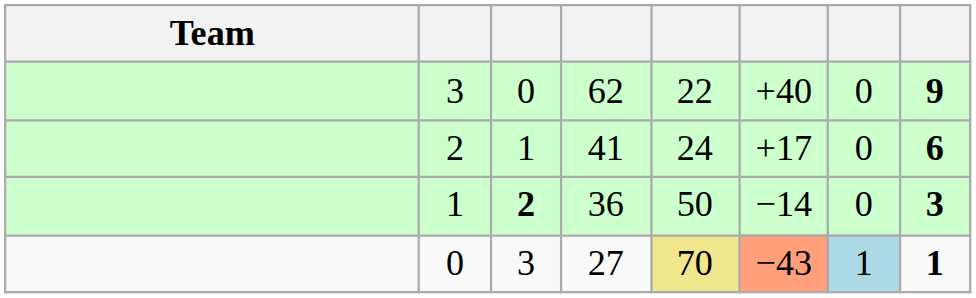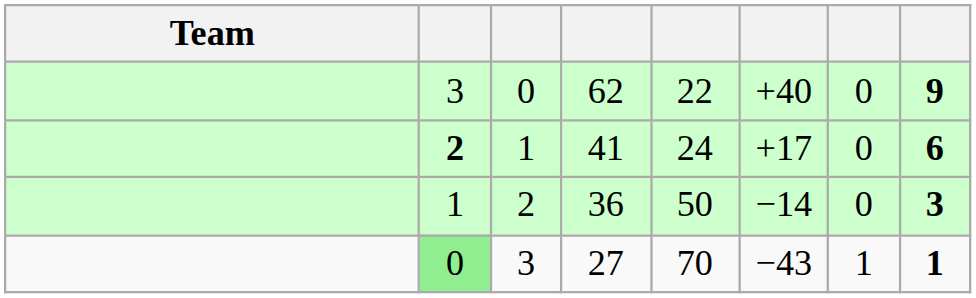 <table class="wikitable" style="text-align:center;">
 <tr>
 <th style="width:11.0em;">Team</th>
 <th style="width:1.5em;"></th>
 <th style="width:1.5em;"></th>
 <th style="width:2.0em;"></th>
 <th style="width:2.0em;"></th>
 <th style="width:2.0em;"></th>
 <th style="width:1.5em;"></th>
 <th style="width:1.5em;"></th>
 </tr>
 <tr bgcolor=#cfc>
 <td align="left"></td>
 <td>3</td>
 <td>0</td>
 <td>62</td>
 <td>22</td>
 <td>+40</td>
 <td>0</td>
 <td><strong>9</strong></td>
 </tr>
 <tr bgcolor=#cfc>
 <td align="left"></td>
-<td>2</td>
+<td><strong>2</strong></td>
 <td>1</td>
 <td>41</td>
 <td>24</td>
 <td>+17</td>
 <td>0</td>
 <td><strong>6</strong></td>
 </tr>
 <tr bgcolor=#cfc>
 <td align="left"></td>
 <td>1</td>
-<td><strong>2</strong></td>
+<td>2</td>
 <td>36</td>
 <td>50</td>
 <td>−14</td>
 <td>0</td>
 <td><strong>3</strong></td>
 </tr>
 <tr>
 <td align="left"></td>
-<td>0</td>
+<td style="background: lightgreen;">0</td>
 <td>3</td>
 <td>27</td>
-<td style="background: khaki;">70</td>
-<td style="background: lightsalmon;">−43</td>
-<td style="background: lightblue;">1</td>
+<td>70</td>
+<td>−43</td>
+<td>1</td>
 <td><strong>1</strong></td>
 </tr>
 </table>
